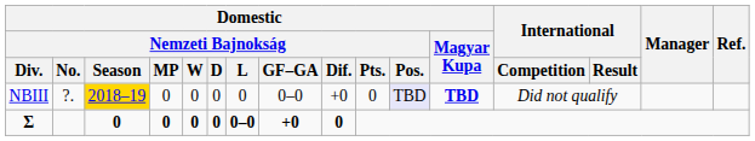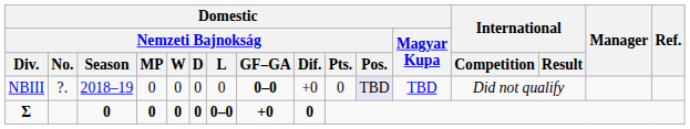 <table class="wikitable"  style="text-align:center">
 <tr>
 <th colspan="12">Domestic</th>
 <th colspan="2" rowspan="2">International</th>
 <th rowspan="3">Manager</th>
 <th rowspan="3">Ref.</th>
 </tr>
 <tr>
 <th colspan="11"><a href='#'>Nemzeti Bajnokság</a></th>
 <th rowspan="2"><a href='#'>Magyar<br>Kupa</a></th>
 </tr>
 <tr>
 <th>Div.</th>
 <th>No.</th>
 <th>Season</th>
 <th>MP</th>
 <th>W</th>
 <th>D</th>
 <th>L</th>
 <th>GF–GA</th>
 <th>Dif.</th>
 <th>Pts.</th>
 <th>Pos.</th>
 <th>Competition</th>
 <th>Result</th>
 </tr>
 <tr>
 <td><a href='#'>NBIII</a></td>
 <td>?.</td>
-<td style="background: gold;"><a href='#'>2018–19</a></td>
+<td><a href='#'>2018–19</a></td>
 <td>0</td>
 <td>0</td>
 <td>0</td>
 <td>0</td>
-<td>0–0</td>
+<td><strong>0–0</strong></td>
 <td>+0</td>
 <td>0</td>
 <td style="background: lavender;">TBD</td>
-<td><strong><a href='#'>TBD</a></strong></td>
+<td><a href='#'>TBD</a></td>
 <td colspan="2" rowspan="1"><em>Did not qualify</em></td>
 <td style="text-align:left"></td>
 <td></td>
 </tr>
 <tr>
 <td><strong>Σ</strong></td>
 <td></td>
 <td><strong>0</strong></td>
 <td><strong>0</strong></td>
 <td><strong>0</strong></td>
 <td><strong>0</strong></td>
 <td><strong>0–0</strong></td>
 <td><strong>+0</strong></td>
 <td><strong>0</strong></td>
 </tr>
 </table>
